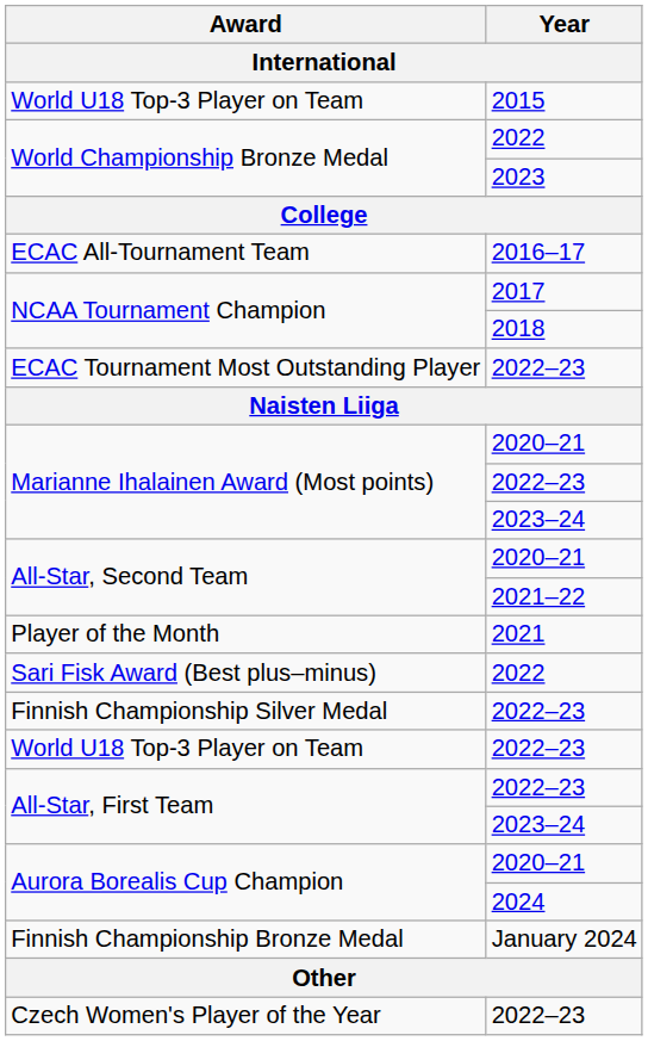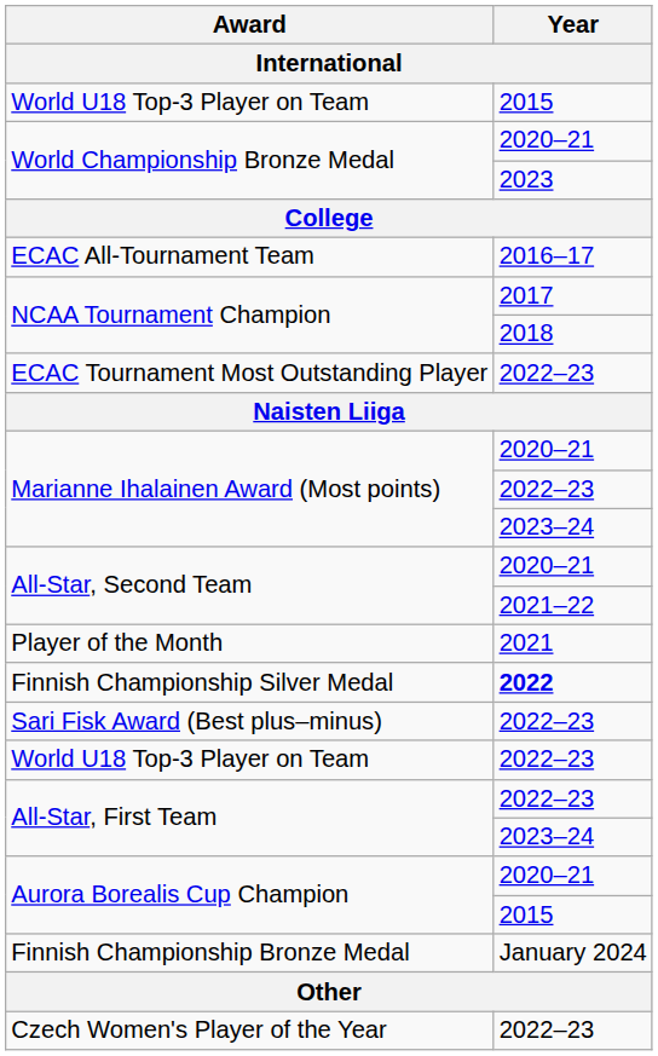 <table class="wikitable">
 <tr>
 <th scope="col">Award</th>
 <th scope="col">Year</th>
 </tr>
 <tr>
 <th colspan="2">International</th>
 </tr>
 <tr>
 <td><a href='#'>World U18</a> Top-3 Player on Team</td>
 <td><a href='#'>2015</a></td>
 </tr>
 <tr>
 <td rowspan="2"><a href='#'>World Championship</a> Bronze Medal</td>
-<td><a href='#'>2022</a></td>
+<td><a href='#'>2020–21</a></td>
 </tr>
 <tr>
 <td><a href='#'>2023</a></td>
 </tr>
 <tr>
 <th colspan="2"><a href='#'>College</a></th>
 </tr>
 <tr>
 <td><a href='#'>ECAC</a> All-Tournament Team</td>
 <td><a href='#'>2016–17</a></td>
 </tr>
 <tr>
 <td rowspan="2"><a href='#'>NCAA Tournament</a> Champion</td>
 <td><a href='#'>2017</a></td>
 </tr>
 <tr>
 <td><a href='#'>2018</a></td>
 </tr>
 <tr>
 <td><a href='#'>ECAC</a> Tournament Most Outstanding Player</td>
 <td><a href='#'>2022–23</a></td>
 </tr>
 <tr>
 <th colspan="2"><a href='#'>Naisten Liiga</a></th>
 </tr>
 <tr>
 <td rowspan="3"><a href='#'>Marianne Ihalainen Award</a> (Most points)</td>
 <td><a href='#'>2020–21</a></td>
 </tr>
 <tr>
 <td><a href='#'>2022–23</a></td>
 </tr>
 <tr>
 <td><a href='#'>2023–24</a></td>
 </tr>
 <tr>
 <td rowspan="2"><a href='#'>All-Star</a>, Second Team</td>
 <td><a href='#'>2020–21</a></td>
 </tr>
 <tr>
 <td><a href='#'>2021–22</a></td>
 </tr>
 <tr>
 <td>Player of the Month</td>
 <td><a href='#'>2021</a></td>
 </tr>
 <tr>
-<td><a href='#'>Sari Fisk Award</a> (Best plus–minus)</td>
-<td><a href='#'>2022</a></td>
+<td>Finnish Championship Silver Medal</td>
+<td><strong><a href='#'>2022</a></strong></td>
 </tr>
 <tr>
-<td>Finnish Championship Silver Medal</td>
+<td><a href='#'>Sari Fisk Award</a> (Best plus–minus)</td>
 <td><a href='#'>2022–23</a></td>
 </tr>
 <tr>
 <td><a href='#'>World U18</a> Top-3 Player on Team</td>
 <td><a href='#'>2022–23</a></td>
 </tr>
 <tr>
 <td rowspan="2"><a href='#'>All-Star</a>, First Team</td>
 <td><a href='#'>2022–23</a></td>
 </tr>
 <tr>
 <td><a href='#'>2023–24</a></td>
 </tr>
 <tr>
 <td rowspan="2"><a href='#'>Aurora Borealis Cup</a> Champion</td>
 <td><a href='#'>2020–21</a></td>
 </tr>
 <tr>
-<td><a href='#'>2024</a></td>
+<td><a href='#'>2015</a></td>
 </tr>
 <tr>
 <td>Finnish Championship Bronze Medal</td>
 <td>January 2024</td>
 </tr>
 <tr>
 <th colspan="2">Other</th>
 </tr>
 <tr>
 <td>Czech Women's Player of the Year</td>
 <td>2022–23</td>
 </tr>
 </table>
